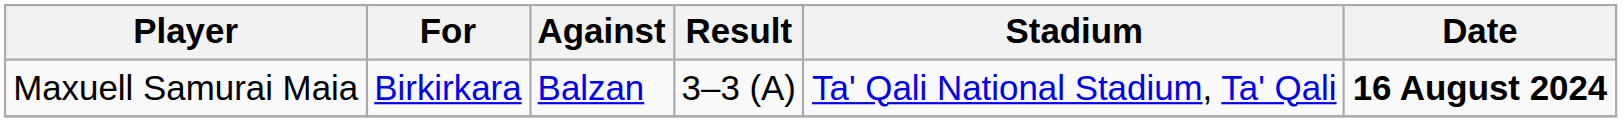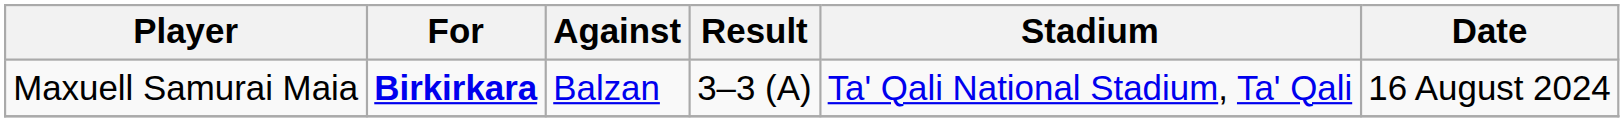 <table class="wikitable">
 <tr>
 <th>Player</th>
 <th>For</th>
 <th>Against</th>
 <th>Result</th>
 <th>Stadium</th>
 <th>Date</th>
 </tr>
 <tr>
 <td> Maxuell Samurai Maia</td>
-<td><a href='#'>Birkirkara</a></td>
+<td><strong><a href='#'>Birkirkara</a></strong></td>
 <td><a href='#'>Balzan</a></td>
 <td>3–3 (A)</td>
 <td><a href='#'>Ta' Qali National Stadium</a>, <a href='#'>Ta' Qali</a></td>
-<td><strong>16 August 2024</strong></td>
+<td>16 August 2024</td>
 </tr>
 <tr>
 </tr>
 </table>
